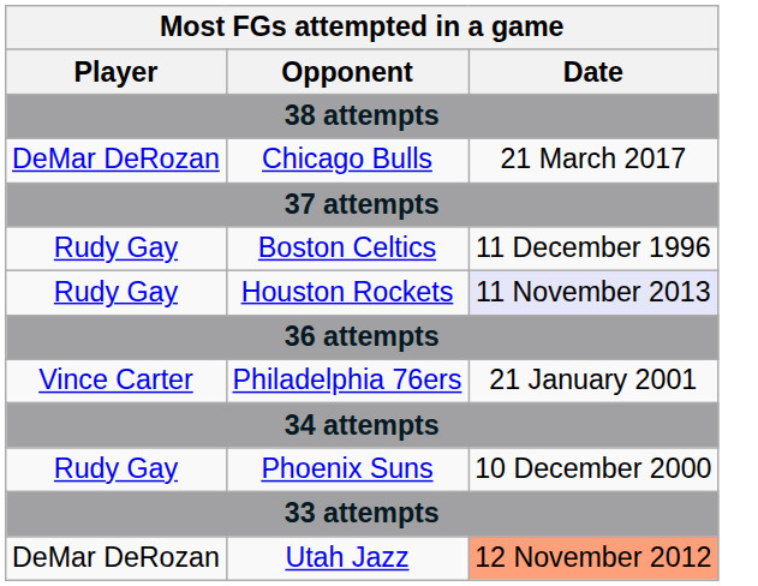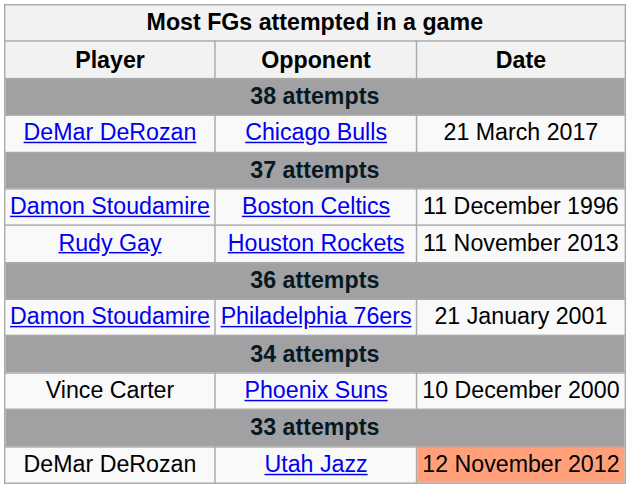 <table class="wikitable" style="text-align:center">
 <tr>
 <th colspan="3">Most FGs attempted in a game</th>
 </tr>
 <tr>
 <th>Player</th>
 <th>Opponent</th>
 <th>Date</th>
 </tr>
 <tr>
 <th colspan="4" style="text-align:center; background:#A1A1A4; color:#061922;">38 attempts</th>
 </tr>
 <tr>
 <td><a href='#'>DeMar DeRozan</a></td>
 <td><a href='#'>Chicago Bulls</a></td>
 <td>21 March 2017</td>
 </tr>
 <tr>
 <th colspan="4" style="text-align:center; background:#A1A1A4; color:#061922;">37 attempts</th>
 </tr>
 <tr>
-<td><a href='#'>Rudy Gay</a></td>
+<td><a href='#'>Damon Stoudamire</a></td>
 <td><a href='#'>Boston Celtics</a></td>
 <td>11 December 1996</td>
 </tr>
 <tr>
 <td><a href='#'>Rudy Gay</a></td>
 <td><a href='#'>Houston Rockets</a></td>
-<td style="background: lavender;">11 November 2013</td>
+<td>11 November 2013</td>
 </tr>
 <tr>
 <th colspan="4" style="text-align:center; background:#A1A1A4; color:#061922;">36 attempts</th>
 </tr>
 <tr>
-<td><a href='#'>Vince Carter</a></td>
+<td><a href='#'>Damon Stoudamire</a></td>
 <td><a href='#'>Philadelphia 76ers</a></td>
 <td>21 January 2001</td>
 </tr>
 <tr>
 <th colspan="4" style="text-align:center; background:#A1A1A4; color:#061922;">34 attempts</th>
 </tr>
 <tr>
-<td><a href='#'>Rudy Gay</a></td>
+<td>Vince Carter</td>
 <td><a href='#'>Phoenix Suns</a></td>
 <td>10 December 2000</td>
 </tr>
 <tr>
 <th colspan="4" style="text-align:center; background:#A1A1A4; color:#061922;">33 attempts</th>
 </tr>
 <tr>
 <td>DeMar DeRozan</td>
 <td><a href='#'>Utah Jazz</a></td>
 <td style="background: lightsalmon;">12 November 2012</td>
 </tr>
 </table>
